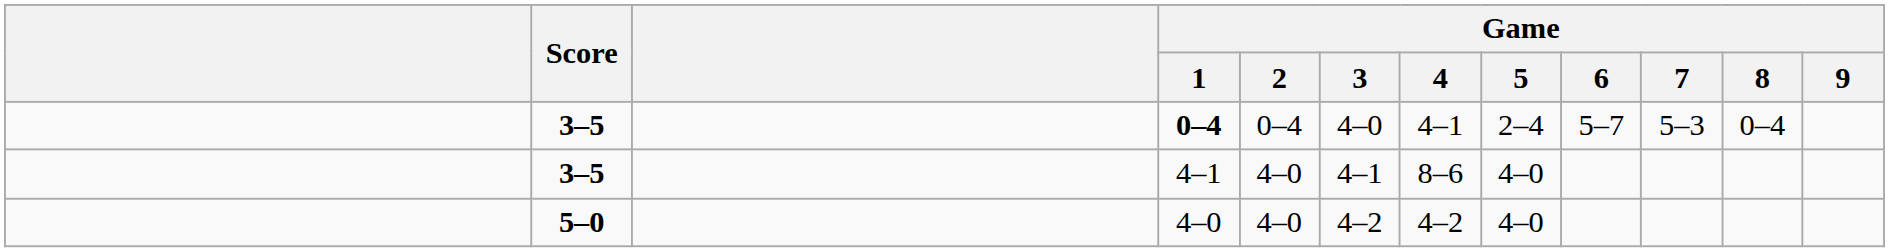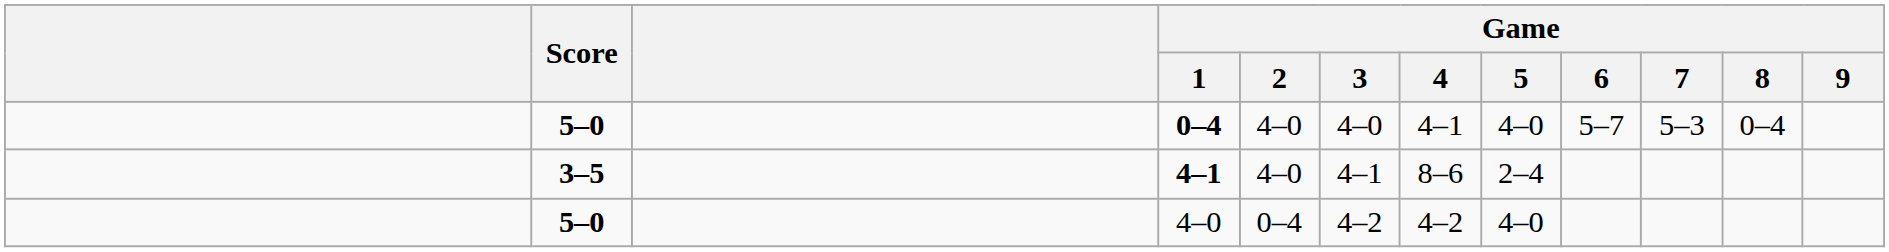 <table class="wikitable" style="text-align: center;">
 <tr>
 <th rowspan=2 align="right" width="270"></th>
 <th rowspan=2 width="45">Score</th>
 <th rowspan=2 align="left" width="270"></th>
 <th colspan=9>Game</th>
 </tr>
 <tr>
 <th width="35">1</th>
 <th width="35">2</th>
 <th width="35">3</th>
 <th width="35">4</th>
 <th width="35">5</th>
 <th width="35">6</th>
 <th width="35">7</th>
 <th width="35">8</th>
 <th width="35">9</th>
 </tr>
 <tr>
 <td align=left><br></td>
-<td align=center><strong>3–5</strong></td>
+<td align=center><strong>5–0</strong></td>
 <td align=left><strong><br></strong></td>
 <td><strong>0–4</strong></td>
-<td>0–4</td>
+<td>4–0</td>
 <td>4–0</td>
 <td>4–1</td>
-<td>2–4</td>
+<td>4–0</td>
 <td>5–7</td>
 <td>5–3</td>
 <td>0–4</td>
 <td></td>
 </tr>
 <tr>
 <td align=left><strong><br></strong></td>
 <td align=center><strong>3–5</strong></td>
 <td align=left><br></td>
-<td>4–1</td>
+<td><strong>4–1</strong></td>
 <td>4–0</td>
 <td>4–1</td>
 <td>8–6</td>
-<td>4–0</td>
+<td>2–4</td>
 <td></td>
 <td></td>
 <td></td>
 <td></td>
 </tr>
 <tr>
 <td align=left><strong><br></strong></td>
 <td align=center><strong>5–0</strong></td>
 <td align=left><br></td>
 <td>4–0</td>
-<td>4–0</td>
+<td>0–4</td>
 <td>4–2</td>
 <td>4–2</td>
 <td>4–0</td>
 <td></td>
 <td></td>
 <td></td>
 <td></td>
 </tr>
 </table>
